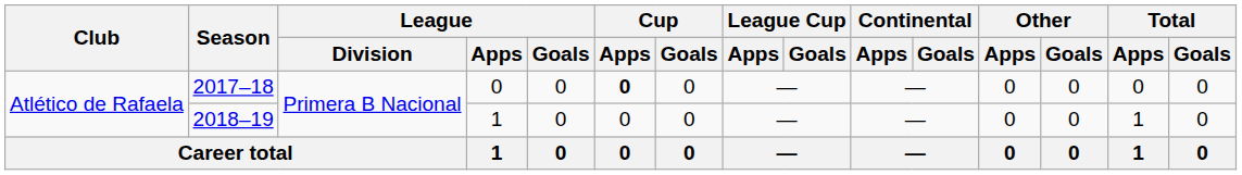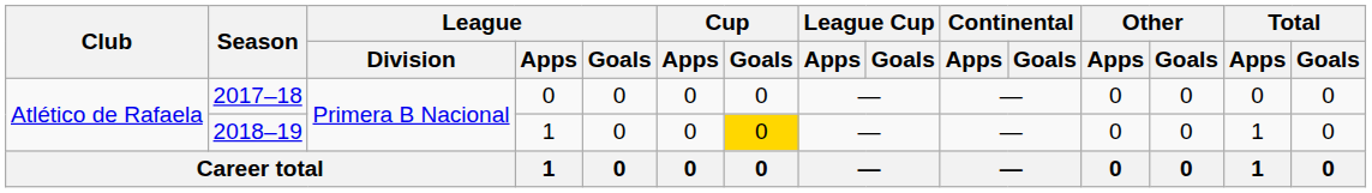 <table class="wikitable" style="text-align:center">
 <tr>
 <th rowspan="2">Club</th>
 <th rowspan="2">Season</th>
 <th colspan="3">League</th>
 <th colspan="2">Cup</th>
 <th colspan="2">League Cup</th>
 <th colspan="2">Continental</th>
 <th colspan="2">Other</th>
 <th colspan="2">Total</th>
 </tr>
 <tr>
 <th>Division</th>
 <th>Apps</th>
 <th>Goals</th>
 <th>Apps</th>
 <th>Goals</th>
 <th>Apps</th>
 <th>Goals</th>
 <th>Apps</th>
 <th>Goals</th>
 <th>Apps</th>
 <th>Goals</th>
 <th>Apps</th>
 <th>Goals</th>
 </tr>
 <tr>
 <td rowspan="2"><a href='#'>Atlético de Rafaela</a></td>
 <td><a href='#'>2017–18</a></td>
 <td rowspan="2"><a href='#'>Primera B Nacional</a></td>
 <td>0</td>
 <td>0</td>
-<td><strong>0</strong></td>
+<td>0</td>
 <td>0</td>
 <td colspan="2">—</td>
 <td colspan="2">—</td>
 <td>0</td>
 <td>0</td>
 <td>0</td>
 <td>0</td>
 </tr>
 <tr>
 <td><a href='#'>2018–19</a></td>
 <td>1</td>
 <td>0</td>
 <td>0</td>
-<td>0</td>
+<td style="background: gold;">0</td>
 <td colspan="2">—</td>
 <td colspan="2">—</td>
 <td>0</td>
 <td>0</td>
 <td>1</td>
 <td>0</td>
 </tr>
 <tr>
 <th colspan="3">Career total</th>
 <th>1</th>
 <th>0</th>
 <th>0</th>
 <th>0</th>
 <th colspan="2">—</th>
 <th colspan="2">—</th>
 <th>0</th>
 <th>0</th>
 <th>1</th>
 <th>0</th>
 </tr>
 </table>
